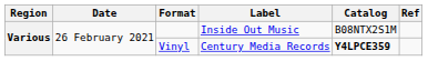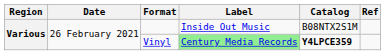 <table class="wikitable plainrowheaders">
 <tr>
 <th scope="col">Region</th>
 <th scope="col">Date</th>
 <th scope="col">Format</th>
 <th scope="col">Label</th>
 <th scope="col">Catalog</th>
 <th scope="col">Ref</th>
 </tr>
 <tr>
 <th scope="row" rowspan="2">Various</th>
 <td rowspan="2">26 February 2021</td>
 <td></td>
 <td><a href='#'>Inside Out Music</a></td>
 <td>B08NTX2S1M</td>
 <td></td>
 </tr>
 <tr>
 <td><a href='#'>Vinyl</a></td>
-<td><a href='#'>Century Media Records</a></td>
+<td style="background: lightgreen;"><a href='#'>Century Media Records</a></td>
 <td><strong>Y4LPCE359</strong></td>
 <td></td>
 </tr>
 </table>
